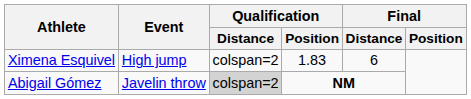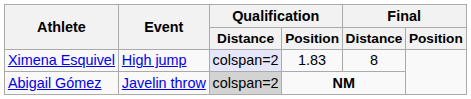 <table class=wikitable style="font-size:90%">
 <tr>
 <th rowspan="2">Athlete</th>
 <th rowspan="2">Event</th>
 <th colspan="2">Qualification</th>
 <th colspan="2">Final</th>
 </tr>
 <tr style="font-size:95%">
 <th>Distance</th>
 <th>Position</th>
 <th>Distance</th>
 <th>Position</th>
 </tr>
 <tr align=center>
 <td align=left><a href='#'>Ximena Esquivel</a></td>
 <td align=left><a href='#'>High jump</a></td>
-<td>colspan=2 </td>
+<td style="background: lavender;">colspan=2 </td>
 <td>1.83</td>
-<td>6</td>
+<td>8</td>
 </tr>
 <tr align=center>
 <td align=left><a href='#'>Abigail Gómez</a></td>
 <td align=left><a href='#'>Javelin throw</a></td>
 <td style="background: lightgrey;">colspan=2 </td>
 <td colspan=2><strong>NM</strong></td>
 </tr>
 </table>
